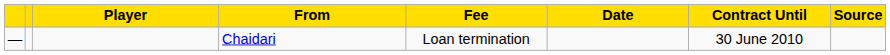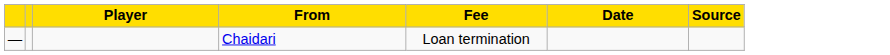 <table class="wikitable sortable">
 <tr>
 <th style="background:#FFDE00"></th>
 <th style="background:#FFDE00"></th>
 <th width=200 style="background:#FFDE00">Player</th>
 <th width=200 style="background:#FFDE00">From</th>
 <th width=150 style="background:#FFDE00">Fee</th>
 <th width=150 style="background:#FFDE00">Date</th>
-<th width=150 style="background:#FFDE00">Contract Until</th>
 <th style="background:#FFDE00">Source</th>
 </tr>
 <tr>
 <td align=center>—</td>
 <td align=center></td>
 <td></td>
 <td> <a href='#'>Chaidari</a></td>
 <td align=center>Loan termination</td>
 <td align=center></td>
-<td align=center>30 June 2010</td>
 <td align=center></td>
 </tr>
 </table>
